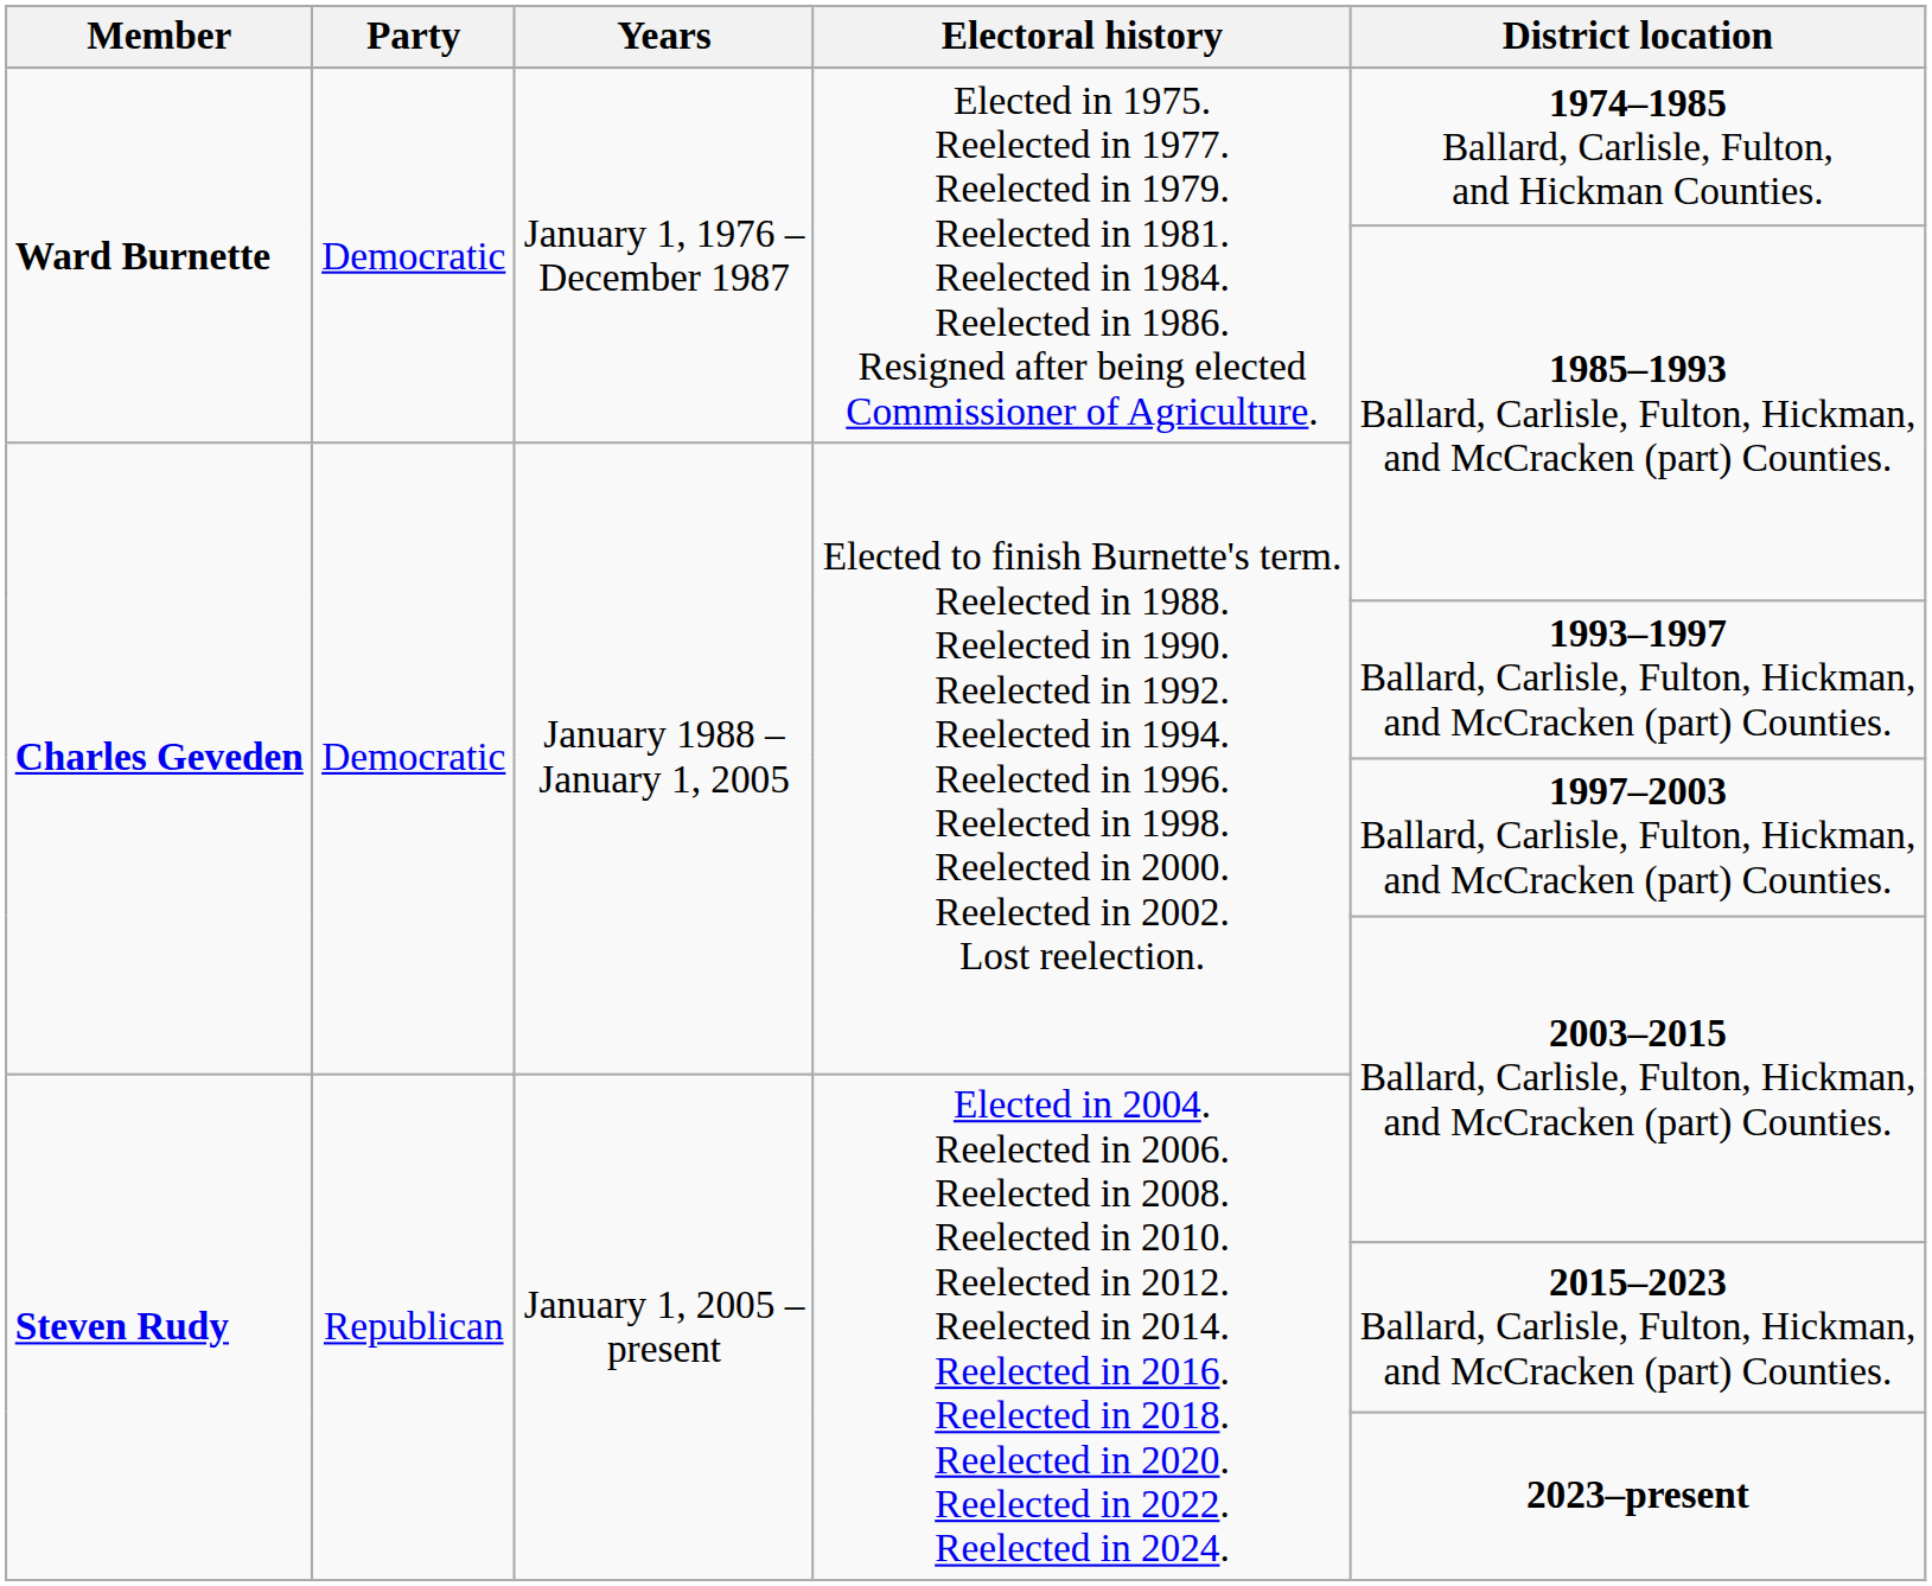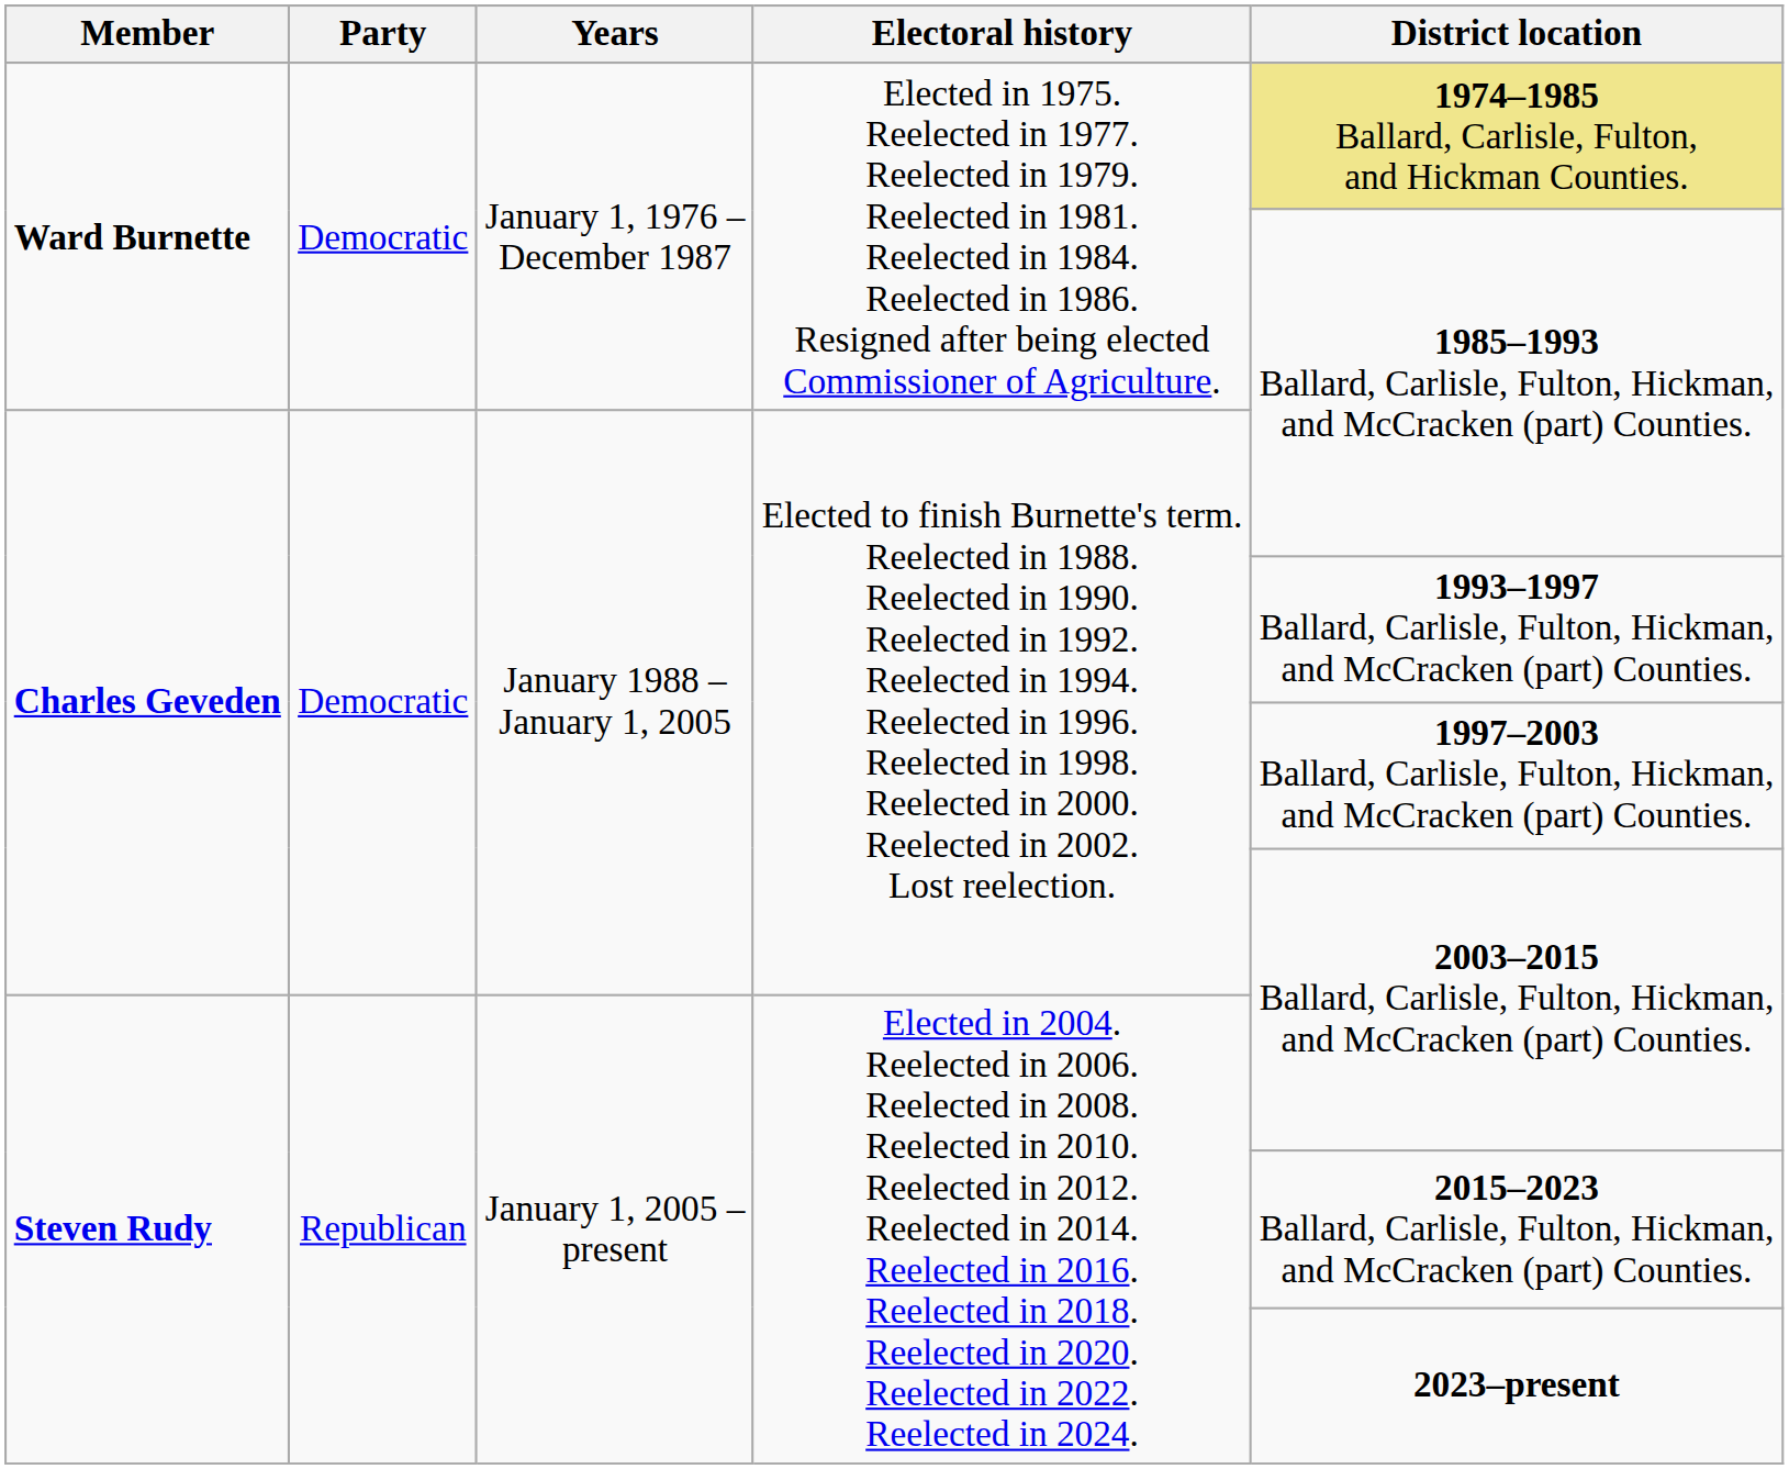 <table class=wikitable style="text-align:center">
 <tr>
 <th>Member</th>
 <th>Party</th>
 <th>Years</th>
 <th>Electoral history</th>
 <th>District location</th>
 </tr>
 <tr style="height:4em">
 <td rowspan=2 align=left><strong>Ward Burnette</strong><br></td>
 <td rowspan=2 ><a href='#'>Democratic</a></td>
 <td rowspan=2 nowrap>January 1, 1976 –<br>December 1987</td>
 <td rowspan=2>Elected in 1975.<br>Reelected in 1977.<br>Reelected in 1979.<br>Reelected in 1981.<br>Reelected in 1984.<br>Reelected in 1986.<br>Resigned after being elected<br><a href='#'>Commissioner of Agriculture</a>.</td>
-<td><strong>1974–1985</strong><br>Ballard, Carlisle, Fulton,<br>and Hickman Counties.</td>
+<td style="background: khaki;"><strong>1974–1985</strong><br>Ballard, Carlisle, Fulton,<br>and Hickman Counties.</td>
 </tr>
 <tr style="height:4em">
 <td rowspan=2><strong>1985–1993</strong><br>Ballard, Carlisle, Fulton, Hickman,<br>and McCracken (part) Counties.</td>
 </tr>
 <tr style="height:4em">
 <td rowspan=4 align=left><strong><a href='#'>Charles Geveden</a></strong><br></td>
 <td rowspan=4 ><a href='#'>Democratic</a></td>
 <td rowspan=4 nowrap>January 1988 –<br>January 1, 2005</td>
 <td rowspan=4>Elected to finish Burnette's term.<br>Reelected in 1988.<br>Reelected in 1990.<br>Reelected in 1992.<br>Reelected in 1994.<br>Reelected in 1996.<br>Reelected in 1998.<br>Reelected in 2000.<br>Reelected in 2002.<br>Lost reelection.</td>
 </tr>
 <tr style="height:4em">
 <td><strong>1993–1997</strong><br>Ballard, Carlisle, Fulton, Hickman,<br>and McCracken (part) Counties.</td>
 </tr>
 <tr style="height:4em">
 <td><strong>1997–2003</strong><br>Ballard, Carlisle, Fulton, Hickman,<br>and McCracken (part) Counties.</td>
 </tr>
 <tr style="height:4em">
 <td rowspan=2><strong>2003–2015</strong><br>Ballard, Carlisle, Fulton, Hickman,<br>and McCracken (part) Counties.</td>
 </tr>
 <tr style="height:4em">
 <td rowspan=3 align=left><strong><a href='#'>Steven Rudy</a></strong><br></td>
 <td rowspan=3 ><a href='#'>Republican</a></td>
 <td rowspan=3 nowrap>January 1, 2005 –<br>present</td>
 <td rowspan=3><a href='#'>Elected in 2004</a>.<br>Reelected in 2006.<br>Reelected in 2008.<br>Reelected in 2010.<br>Reelected in 2012.<br>Reelected in 2014.<br><a href='#'>Reelected in 2016</a>.<br><a href='#'>Reelected in 2018</a>.<br><a href='#'>Reelected in 2020</a>.<br><a href='#'>Reelected in 2022</a>.<br><a href='#'>Reelected in 2024</a>.</td>
 </tr>
 <tr style="height:4em">
 <td><strong>2015–2023</strong><br>Ballard, Carlisle, Fulton, Hickman,<br>and McCracken (part) Counties.</td>
 </tr>
 <tr style="height:4em">
 <td><strong>2023–present</strong><br></td>
 </tr>
 </table>
